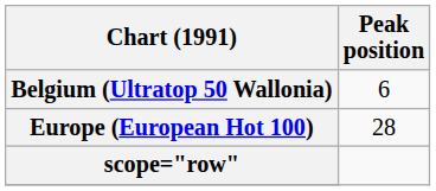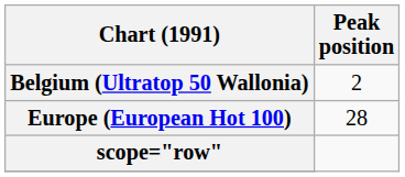 <table class="wikitable sortable plainrowheaders">
 <tr>
 <th>Chart (1991)</th>
 <th>Peak<br>position</th>
 </tr>
 <tr>
 <th scope="row">Belgium (<a href='#'>Ultratop 50</a> Wallonia)</th>
-<td align="center">6</td>
+<td align="center">2</td>
 </tr>
 <tr>
 <th scope="row">Europe (<a href='#'>European Hot 100</a>)</th>
 <td align="center">28</td>
 </tr>
 <tr>
 <th>scope="row"</th>
 </tr>
 <tr>
 </tr>
 </table>
